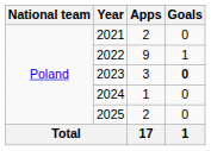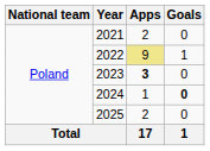 <table class="wikitable" style="text-align: center;">
 <tr>
 <th>National team</th>
 <th>Year</th>
 <th>Apps</th>
 <th>Goals</th>
 </tr>
 <tr>
 <td rowspan="5"><a href='#'>Poland</a></td>
 <td>2021</td>
 <td>2</td>
 <td>0</td>
 </tr>
 <tr>
 <td>2022</td>
-<td>9</td>
+<td style="background: khaki;">9</td>
 <td>1</td>
 </tr>
 <tr>
 <td>2023</td>
-<td>3</td>
-<td><strong>0</strong></td>
+<td><strong>3</strong></td>
+<td>0</td>
 </tr>
 <tr>
 <td>2024</td>
 <td>1</td>
-<td>0</td>
+<td><strong>0</strong></td>
 </tr>
 <tr>
 <td>2025</td>
 <td>2</td>
 <td>0</td>
 </tr>
 <tr>
 <th colspan="2">Total</th>
 <th>17</th>
 <th>1</th>
 </tr>
 </table>
